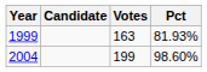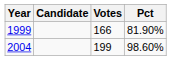 <table class="wikitable" style="margin:0.5em ; font-size:95%">
 <tr>
 <th>Year</th>
 <th>Candidate</th>
 <th>Votes</th>
 <th>Pct</th>
 </tr>
 <tr>
 <td><a href='#'>1999</a></td>
 <td></td>
-<td>163</td>
-<td>81.93%</td>
+<td>166</td>
+<td>81.90%</td>
 </tr>
 <tr>
 <td><a href='#'>2004</a></td>
 <td></td>
 <td>199</td>
 <td>98.60%</td>
 </tr>
 </table>
